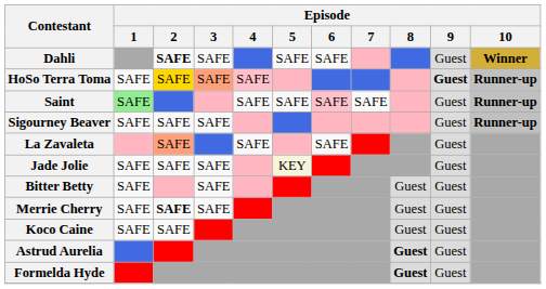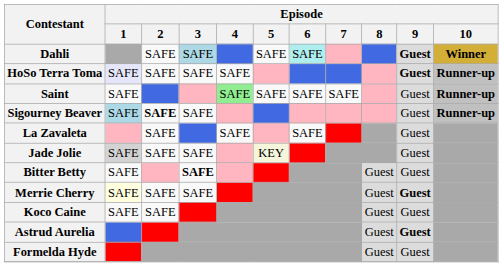 <table class="wikitable" style="text-align:center">
 <tr>
 <th scope="col" rowspan="2">Contestant</th>
 <th scope="col" colspan="10">Episode</th>
 </tr>
 <tr>
 <th scope="col">1</th>
 <th scope="col">2</th>
 <th scope="col">3</th>
 <th scope="col">4</th>
 <th nowrap scope="col">5</th>
 <th scope="col">6</th>
 <th scope="col">7</th>
 <th nowrap scope="col">8</th>
 <th scope="col">9</th>
 <th scope="col">10</th>
 </tr>
 <tr>
 <th scope="row">Dahli</th>
 <td bgcolor="darkgray"></td>
-<td><strong>SAFE</strong></td>
 <td>SAFE</td>
+<td style="background: lightblue;">SAFE</td>
 <td bgcolor="royalblue"></td>
 <td>SAFE</td>
-<td>SAFE</td>
+<td style="background: paleturquoise;">SAFE</td>
 <td bgcolor="lightpink"></td>
 <td bgcolor="royalblue"></td>
-<td bgcolor="gainsboro">Guest</td>
+<td bgcolor="gainsboro"><strong>Guest</strong></td>
 <td bgcolor="#D4AF37"><strong>Winner</strong></td>
 </tr>
 <tr>
 <th scope="row">HoSo Terra Toma</th>
+<td style="background: lavender;">SAFE</td>
 <td>SAFE</td>
-<td style="background: gold;">SAFE</td>
-<td style="background: lightsalmon;">SAFE</td>
-<td style="background: pink;">SAFE</td>
+<td>SAFE</td>
+<td>SAFE</td>
 <td bgcolor="lightpink"></td>
 <td bgcolor="royalblue"></td>
 <td bgcolor="royalblue"></td>
 <td bgcolor="lightpink"></td>
 <td bgcolor="gainsboro"><strong>Guest</strong></td>
 <td bgcolor="silver" nowrap><strong>Runner-up</strong></td>
 </tr>
 <tr>
 <th scope="row">Saint</th>
-<td style="background: lightgreen;">SAFE</td>
+<td>SAFE</td>
 <td bgcolor="royalblue"></td>
 <td bgcolor="lightpink"></td>
+<td style="background: lightgreen;">SAFE</td>
 <td>SAFE</td>
 <td>SAFE</td>
-<td style="background: pink;">SAFE</td>
 <td>SAFE</td>
 <td bgcolor="lightpink"></td>
 <td bgcolor="gainsboro">Guest</td>
 <td bgcolor="silver"><strong>Runner-up</strong></td>
 </tr>
 <tr>
 <th scope="row" nowrap>Sigourney Beaver</th>
-<td>SAFE</td>
-<td>SAFE</td>
+<td style="background: lightblue;">SAFE</td>
+<td><strong>SAFE</strong></td>
 <td>SAFE</td>
 <td bgcolor="lightpink"></td>
 <td bgcolor="royalblue"></td>
 <td bgcolor="lightpink"></td>
 <td bgcolor="lightpink"></td>
 <td bgcolor="lightpink"></td>
 <td bgcolor="gainsboro">Guest</td>
 <td bgcolor="silver"><strong>Runner-up</strong></td>
 </tr>
 <tr>
 <th scope="row">La Zavaleta</th>
 <td bgcolor="lightpink"></td>
-<td style="background: lightsalmon;">SAFE</td>
+<td>SAFE</td>
 <td bgcolor="royalblue"></td>
 <td>SAFE</td>
 <td bgcolor="lightpink"></td>
 <td>SAFE</td>
 <td bgcolor="red"></td>
 <td bgcolor="darkgray"></td>
 <td bgcolor="gainsboro">Guest</td>
 <td bgcolor="darkgray" colspan="6"></td>
 </tr>
 <tr>
 <th scope="row">Jade Jolie</th>
-<td>SAFE</td>
+<td style="background: lightgrey;">SAFE</td>
 <td>SAFE</td>
 <td>SAFE</td>
 <td bgcolor="lightpink"></td>
 <td bgcolor="beige">KEY</td>
 <td bgcolor="red"></td>
 <td bgcolor="darkgray" colspan="2"></td>
 <td bgcolor="gainsboro">Guest</td>
 <td bgcolor="darkgray" colspan="6"></td>
 </tr>
 <tr>
 <th scope="row">Bitter Betty</th>
 <td>SAFE</td>
 <td bgcolor="lightpink"></td>
-<td>SAFE</td>
+<td><strong>SAFE</strong></td>
 <td bgcolor="lightpink"></td>
 <td bgcolor="red"></td>
 <td bgcolor="darkgray" colspan="2"></td>
 <td bgcolor="gainsboro">Guest</td>
 <td bgcolor="gainsboro">Guest</td>
 <td bgcolor="darkgray" colspan="6"></td>
 </tr>
 <tr>
 <th scope="row">Merrie Cherry</th>
+<td style="background: lightyellow;">SAFE</td>
 <td>SAFE</td>
-<td><strong>SAFE</strong></td>
 <td>SAFE</td>
 <td bgcolor="red"></td>
 <td bgcolor="darkgray" colspan="3"></td>
 <td bgcolor="gainsboro">Guest</td>
-<td bgcolor="gainsboro">Guest</td>
+<td bgcolor="gainsboro"><strong>Guest</strong></td>
 <td bgcolor="darkgray" colspan="6"></td>
 </tr>
 <tr>
 <th scope="row">Koco Caine</th>
 <td>SAFE</td>
 <td>SAFE</td>
 <td bgcolor="red"></td>
 <td bgcolor="darkgray" colspan="4"></td>
 <td bgcolor="gainsboro">Guest</td>
 <td bgcolor="gainsboro">Guest</td>
 <td bgcolor="darkgray" colspan="6"></td>
 </tr>
 <tr>
 <th scope="row">Astrud Aurelia</th>
 <td bgcolor="royalblue"></td>
 <td bgcolor="red"></td>
 <td bgcolor="darkgray" colspan="5"></td>
+<td bgcolor="gainsboro">Guest</td>
 <td bgcolor="gainsboro"><strong>Guest</strong></td>
-<td bgcolor="gainsboro">Guest</td>
 <td bgcolor="darkgray" colspan="6"></td>
 </tr>
 <tr>
 <th scope="row">Formelda Hyde</th>
 <td bgcolor="red"></td>
 <td bgcolor="darkgray" colspan="6"></td>
-<td bgcolor="gainsboro"><strong>Guest</strong></td>
+<td bgcolor="gainsboro">Guest</td>
 <td bgcolor="gainsboro">Guest</td>
 <td bgcolor="darkgray" colspan="6"></td>
 </tr>
 <tr>
 </tr>
 </table>
